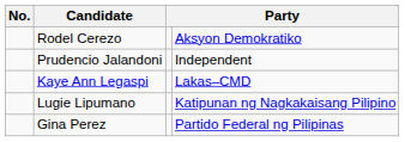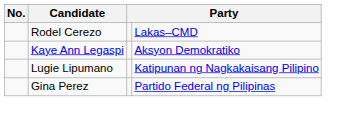 <table class="wikitable sortable" style="text-align:left;">
 <tr>
 <th>No.</th>
 <th>Candidate</th>
 <th colspan="2">Party</th>
 </tr>
 <tr>
 <td></td>
 <td>Rodel Cerezo</td>
 <td></td>
-<td><a href='#'>Aksyon Demokratiko</a></td>
-</tr>
-<tr>
-<td></td>
-<td>Prudencio Jalandoni</td>
-<td></td>
-<td>Independent</td>
+<td><a href='#'>Lakas–CMD</a></td>
 </tr>
 <tr>
 <td></td>
 <td><a href='#'>Kaye Ann Legaspi</a></td>
 <td></td>
-<td><a href='#'>Lakas–CMD</a></td>
+<td><a href='#'>Aksyon Demokratiko</a></td>
 </tr>
 <tr>
 <td></td>
 <td>Lugie Lipumano</td>
 <td></td>
 <td><a href='#'>Katipunan ng Nagkakaisang Pilipino</a></td>
 </tr>
 <tr>
 <td></td>
 <td>Gina Perez</td>
 <td></td>
 <td><a href='#'>Partido Federal ng Pilipinas</a></td>
 </tr>
 </table>
